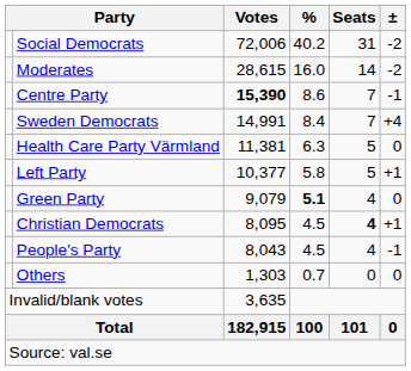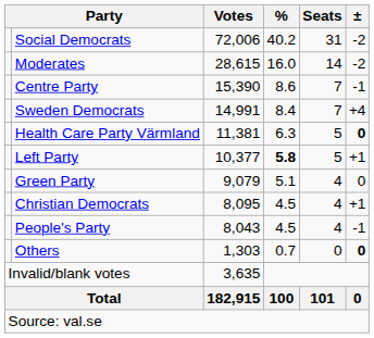 <table class=wikitable style=text-align:right>
 <tr>
 <th colspan=2>Party</th>
 <th>Votes</th>
 <th>%</th>
 <th>Seats</th>
 <th>±</th>
 </tr>
 <tr>
 <td bgcolor=></td>
 <td align=left><a href='#'>Social Democrats</a></td>
 <td>72,006</td>
 <td>40.2</td>
 <td>31</td>
 <td>-2</td>
 </tr>
 <tr>
 <td bgcolor=></td>
 <td align=left><a href='#'>Moderates</a></td>
 <td>28,615</td>
 <td>16.0</td>
 <td>14</td>
 <td>-2</td>
 </tr>
 <tr>
 <td bgcolor=></td>
 <td align=left><a href='#'>Centre Party</a></td>
-<td><strong>15,390</strong></td>
+<td>15,390</td>
 <td>8.6</td>
 <td>7</td>
 <td>-1</td>
 </tr>
 <tr>
 <td bgcolor=></td>
 <td align=left><a href='#'>Sweden Democrats</a></td>
 <td>14,991</td>
 <td>8.4</td>
 <td>7</td>
 <td>+4</td>
 </tr>
 <tr>
 <td></td>
 <td align=left><a href='#'>Health Care Party Värmland</a></td>
 <td>11,381</td>
 <td>6.3</td>
 <td>5</td>
-<td>0</td>
+<td><strong>0</strong></td>
 </tr>
 <tr>
 <td bgcolor=></td>
 <td align=left><a href='#'>Left Party</a></td>
 <td>10,377</td>
-<td>5.8</td>
+<td><strong>5.8</strong></td>
 <td>5</td>
 <td>+1</td>
 </tr>
 <tr>
 <td bgcolor=></td>
 <td align=left><a href='#'>Green Party</a></td>
 <td>9,079</td>
-<td><strong>5.1</strong></td>
+<td>5.1</td>
 <td>4</td>
 <td>0</td>
 </tr>
 <tr>
 <td bgcolor=></td>
 <td align=left><a href='#'>Christian Democrats</a></td>
 <td>8,095</td>
 <td>4.5</td>
-<td><strong>4</strong></td>
+<td>4</td>
 <td>+1</td>
 </tr>
 <tr>
 <td bgcolor=></td>
 <td align=left><a href='#'>People's Party</a></td>
 <td>8,043</td>
 <td>4.5</td>
 <td>4</td>
 <td>-1</td>
 </tr>
 <tr>
 <td></td>
 <td align=left><a href='#'>Others</a></td>
 <td>1,303</td>
 <td>0.7</td>
 <td>0</td>
-<td>0</td>
+<td><strong>0</strong></td>
 </tr>
 <tr>
 <td align=left colspan=2>Invalid/blank votes</td>
 <td>3,635</td>
 <td colspan=3></td>
 </tr>
 <tr>
 <th align=left colspan=2>Total</th>
 <th>182,915</th>
 <th>100</th>
 <th>101</th>
 <th>0</th>
 </tr>
 <tr>
 <td align=left colspan=6>Source: val.se </td>
 </tr>
 </table>
